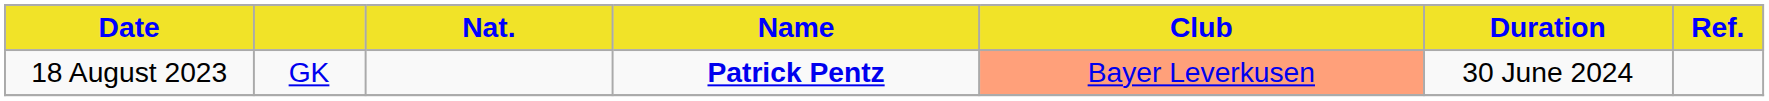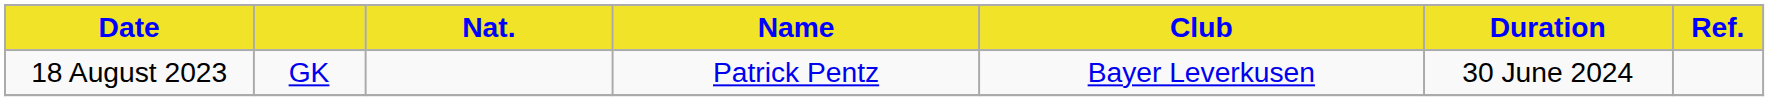 <table class="wikitable" style="text-align:center; font-size:90%">
 <tr>
 <th style="background:#f1e328; color:blue; width:120px;">Date</th>
 <th style="background:#f1e328; color:blue; width:50px;"></th>
 <th style="background:#f1e328; color:blue; width:120px;">Nat.</th>
 <th style="background:#f1e328; color:blue; width:180px;">Name</th>
 <th style="background:#f1e328; color:blue; width:220px;">Club</th>
 <th style="background:#f1e328; color:blue; width:120px;">Duration</th>
 <th style="background:#f1e328; color:blue; width:40px;">Ref.</th>
 </tr>
 <tr>
 <td>18 August 2023</td>
 <td><a href='#'>GK</a></td>
 <td></td>
-<td><strong><a href='#'>Patrick Pentz</a></strong></td>
-<td style="background: lightsalmon;"> <a href='#'>Bayer Leverkusen</a></td>
+<td><a href='#'>Patrick Pentz</a></td>
+<td> <a href='#'>Bayer Leverkusen</a></td>
 <td>30 June 2024</td>
 <td></td>
 </tr>
 <tr>
 </tr>
 </table>
